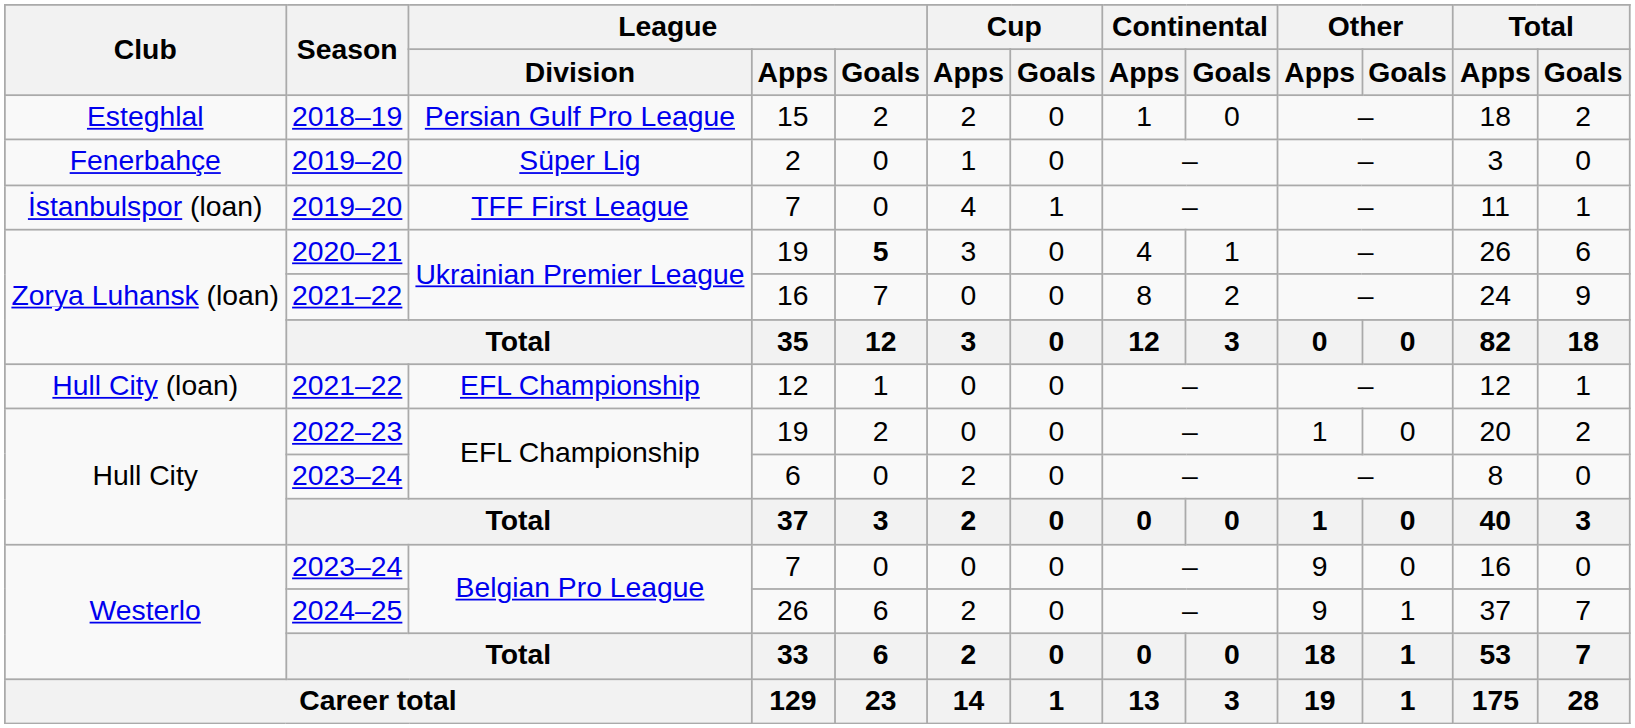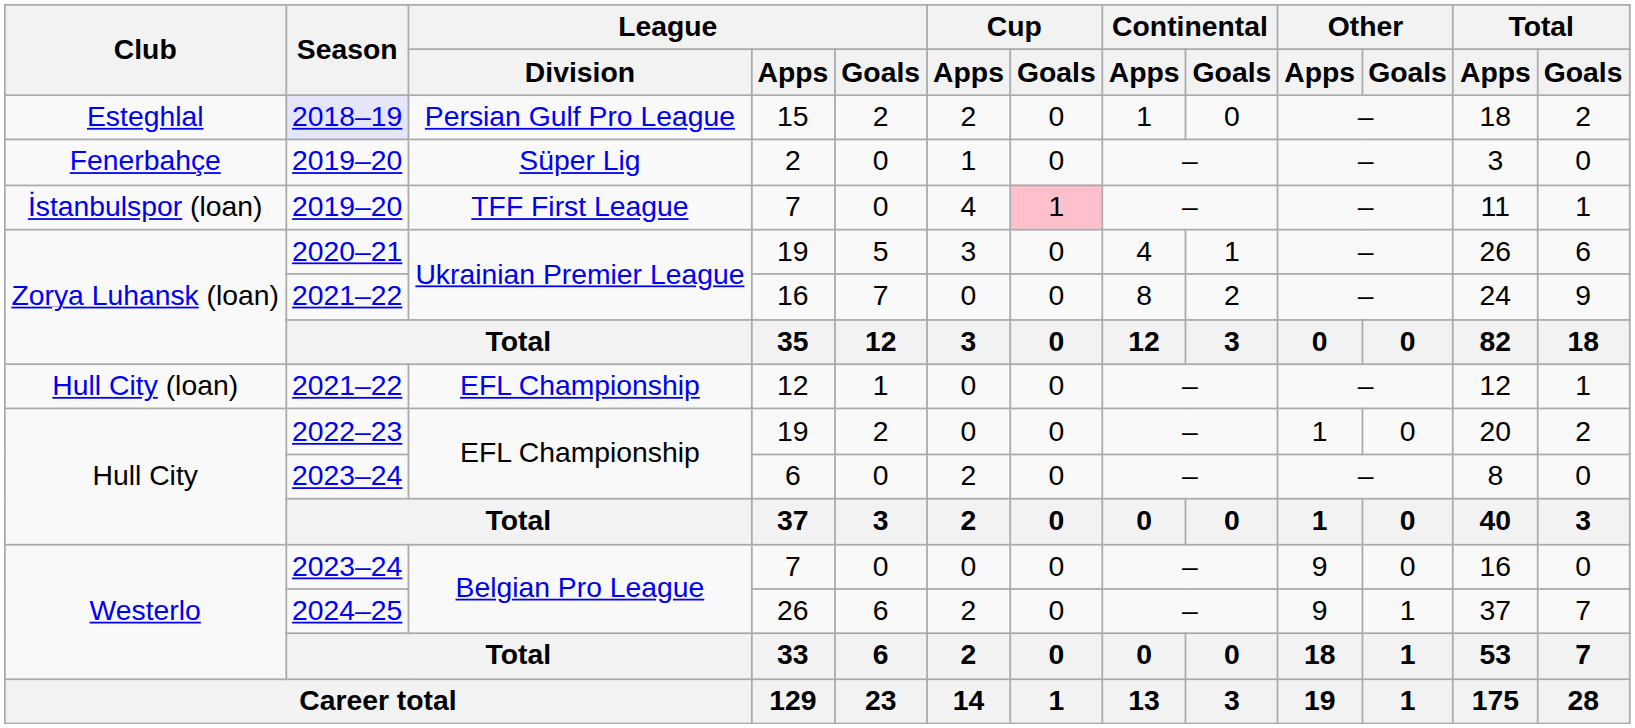 <table class="wikitable" style="text-align:center">
 <tr>
 <th rowspan="2">Club</th>
 <th rowspan="2">Season</th>
 <th colspan="3">League</th>
 <th colspan="2">Cup</th>
 <th colspan="2">Continental</th>
 <th colspan="2">Other</th>
 <th colspan="2">Total</th>
 </tr>
 <tr>
 <th>Division</th>
 <th>Apps</th>
 <th>Goals</th>
 <th>Apps</th>
 <th>Goals</th>
 <th>Apps</th>
 <th>Goals</th>
 <th>Apps</th>
 <th>Goals</th>
 <th>Apps</th>
 <th>Goals</th>
 </tr>
 <tr>
 <td><a href='#'>Esteghlal</a></td>
-<td><a href='#'>2018–19</a></td>
+<td style="background: lavender;"><a href='#'>2018–19</a></td>
 <td><a href='#'>Persian Gulf Pro League</a></td>
 <td>15</td>
 <td>2</td>
 <td>2</td>
 <td>0</td>
 <td>1</td>
 <td>0</td>
 <td colspan="2">–</td>
 <td>18</td>
 <td>2</td>
 </tr>
 <tr>
 <td><a href='#'>Fenerbahçe</a></td>
 <td><a href='#'>2019–20</a></td>
 <td><a href='#'>Süper Lig</a></td>
 <td>2</td>
 <td>0</td>
 <td>1</td>
 <td>0</td>
 <td colspan="2">–</td>
 <td colspan="2">–</td>
 <td>3</td>
 <td>0</td>
 </tr>
 <tr>
 <td><a href='#'>İstanbulspor</a> (loan)</td>
 <td><a href='#'>2019–20</a></td>
 <td><a href='#'>TFF First League</a></td>
 <td>7</td>
 <td>0</td>
 <td>4</td>
-<td>1</td>
+<td style="background: pink;">1</td>
 <td colspan="2">–</td>
 <td colspan="2">–</td>
 <td>11</td>
 <td>1</td>
 </tr>
 <tr>
 <td rowspan="3"><a href='#'>Zorya Luhansk</a> (loan)</td>
 <td><a href='#'>2020–21</a></td>
 <td rowspan="2"><a href='#'>Ukrainian Premier League</a></td>
 <td>19</td>
-<td><strong>5</strong></td>
+<td>5</td>
 <td>3</td>
 <td>0</td>
 <td>4</td>
 <td>1</td>
 <td colspan="2">–</td>
 <td>26</td>
 <td>6</td>
 </tr>
 <tr>
 <td><a href='#'>2021–22</a></td>
 <td>16</td>
 <td>7</td>
 <td>0</td>
 <td>0</td>
 <td>8</td>
 <td>2</td>
 <td colspan="2">–</td>
 <td>24</td>
 <td>9</td>
 </tr>
 <tr>
 <th colspan="2">Total</th>
 <th>35</th>
 <th>12</th>
 <th>3</th>
 <th>0</th>
 <th>12</th>
 <th>3</th>
 <th>0</th>
 <th>0</th>
 <th>82</th>
 <th>18</th>
 </tr>
 <tr>
 <td><a href='#'>Hull City</a> (loan)</td>
 <td><a href='#'>2021–22</a></td>
 <td><a href='#'>EFL Championship</a></td>
 <td>12</td>
 <td>1</td>
 <td>0</td>
 <td>0</td>
 <td colspan="2">–</td>
 <td colspan="2">–</td>
 <td>12</td>
 <td>1</td>
 </tr>
 <tr>
 <td rowspan="3">Hull City</td>
 <td><a href='#'>2022–23</a></td>
 <td rowspan="2">EFL Championship</td>
 <td>19</td>
 <td>2</td>
 <td>0</td>
 <td>0</td>
 <td colspan="2">–</td>
 <td>1</td>
 <td>0</td>
 <td>20</td>
 <td>2</td>
 </tr>
 <tr>
 <td><a href='#'>2023–24</a></td>
 <td>6</td>
 <td>0</td>
 <td>2</td>
 <td>0</td>
 <td colspan="2">–</td>
 <td colspan="2">–</td>
 <td>8</td>
 <td>0</td>
 </tr>
 <tr>
 <th colspan="2">Total</th>
 <th>37</th>
 <th>3</th>
 <th>2</th>
 <th>0</th>
 <th>0</th>
 <th>0</th>
 <th>1</th>
 <th>0</th>
 <th>40</th>
 <th>3</th>
 </tr>
 <tr>
 <td rowspan="3"><a href='#'>Westerlo</a></td>
 <td><a href='#'>2023–24</a></td>
 <td rowspan="2"><a href='#'>Belgian Pro League</a></td>
 <td>7</td>
 <td>0</td>
 <td>0</td>
 <td>0</td>
 <td colspan="2">–</td>
 <td>9</td>
 <td>0</td>
 <td>16</td>
 <td>0</td>
 </tr>
 <tr>
 <td><a href='#'>2024–25</a></td>
 <td>26</td>
 <td>6</td>
 <td>2</td>
 <td>0</td>
 <td colspan="2">–</td>
 <td>9</td>
 <td>1</td>
 <td>37</td>
 <td>7</td>
 </tr>
 <tr>
 <th colspan="2">Total</th>
 <th>33</th>
 <th>6</th>
 <th>2</th>
 <th>0</th>
 <th>0</th>
 <th>0</th>
 <th>18</th>
 <th>1</th>
 <th>53</th>
 <th>7</th>
 </tr>
 <tr>
 <th colspan="3">Career total</th>
 <th>129</th>
 <th>23</th>
 <th>14</th>
 <th>1</th>
 <th>13</th>
 <th>3</th>
 <th>19</th>
 <th>1</th>
 <th>175</th>
 <th>28</th>
 </tr>
 </table>
